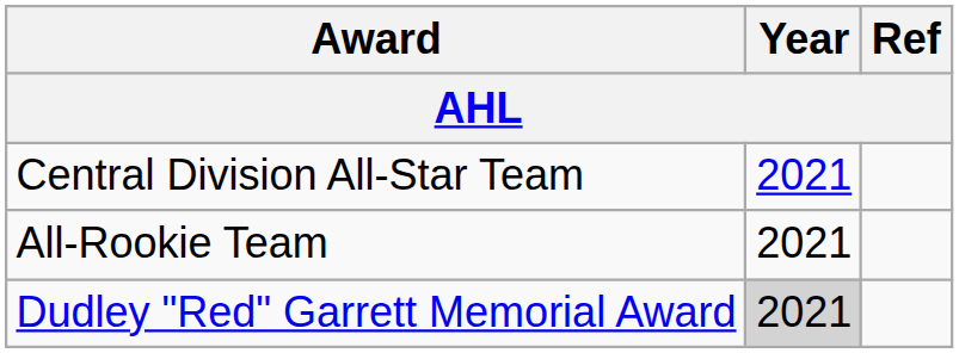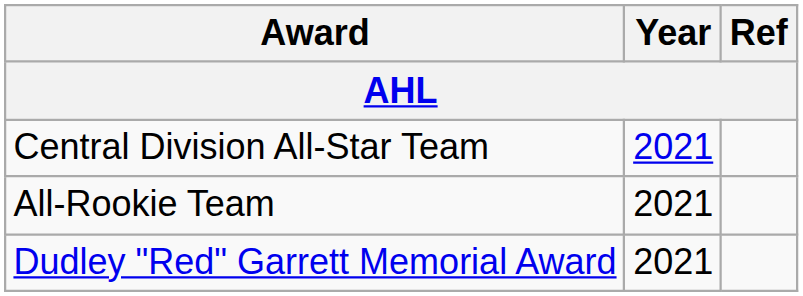 <table class="wikitable">
 <tr>
 <th>Award</th>
 <th>Year</th>
 <th>Ref</th>
 </tr>
 <tr>
 <th colspan="3"><a href='#'>AHL</a></th>
 </tr>
 <tr>
 <td>Central Division All-Star Team</td>
 <td><a href='#'>2021</a></td>
 <td></td>
 </tr>
 <tr>
 <td>All-Rookie Team</td>
 <td>2021</td>
 <td></td>
 </tr>
 <tr>
 <td><a href='#'>Dudley "Red" Garrett Memorial Award</a></td>
-<td style="background: lightgrey;">2021</td>
+<td>2021</td>
 <td></td>
 </tr>
 </table>
